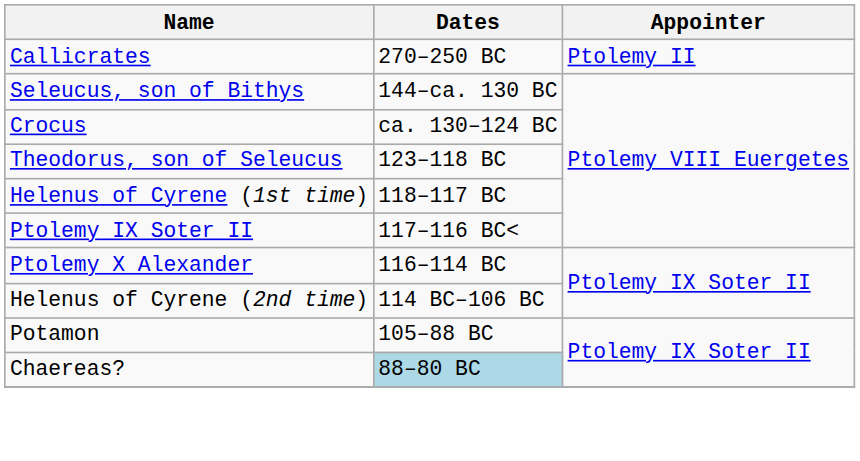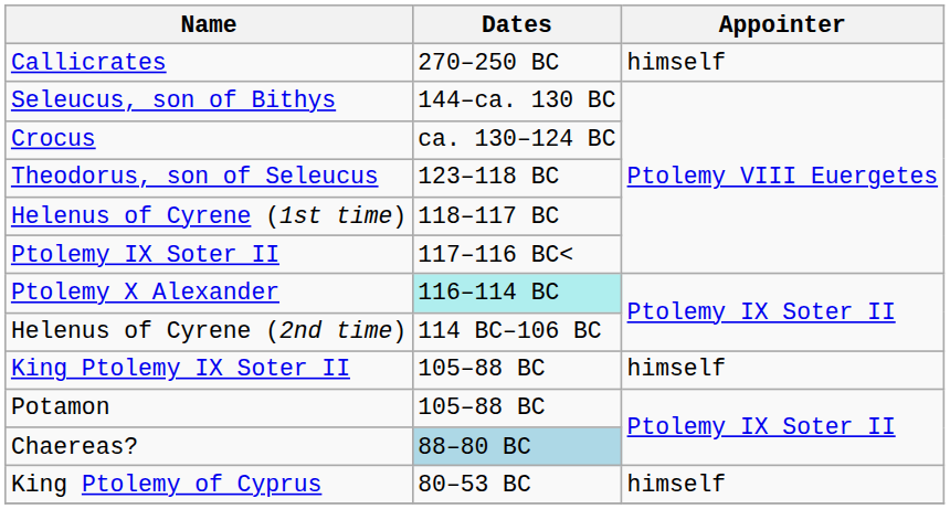 <table class="wikitable">
 <tr>
 <th>Name</th>
 <th>Dates</th>
 <th>Appointer</th>
 </tr>
 <tr>
 <td><a href='#'>Callicrates</a></td>
 <td>270–250 BC</td>
-<td><a href='#'>Ptolemy II</a></td>
+<td>himself</td>
 </tr>
 <tr>
 <td><a href='#'>Seleucus, son of Bithys</a></td>
 <td>144–ca. 130 BC</td>
 <td rowspan="5"><a href='#'>Ptolemy VIII Euergetes</a></td>
 </tr>
 <tr>
 <td><a href='#'>Crocus</a></td>
 <td>ca. 130–124 BC</td>
 </tr>
 <tr>
 <td><a href='#'>Theodorus, son of Seleucus</a></td>
 <td>123–118 BC</td>
 </tr>
 <tr>
 <td><a href='#'>Helenus of Cyrene</a> (<em>1st time</em>)</td>
 <td>118–117 BC</td>
 </tr>
 <tr>
 <td><a href='#'>Ptolemy IX Soter II</a></td>
 <td>117–116 BC<</td>
 </tr>
 <tr>
 <td><a href='#'>Ptolemy X Alexander</a></td>
-<td>116–114 BC</td>
+<td style="background: paleturquoise;">116–114 BC</td>
 <td rowspan="2"><a href='#'>Ptolemy IX Soter II</a></td>
 </tr>
 <tr>
 <td>Helenus of Cyrene (<em>2nd time</em>)</td>
 <td>114 BC–106 BC</td>
+</tr>
+<tr>
+<td><a href='#'>King Ptolemy IX Soter II</a></td>
+<td>105–88 BC </td>
+<td>himself</td>
 </tr>
 <tr>
 <td>Potamon</td>
 <td>105–88 BC</td>
 <td rowspan="2"><a href='#'>Ptolemy IX Soter II</a></td>
 </tr>
 <tr>
 <td>Chaereas?</td>
 <td style="background: lightblue;">88–80 BC</td>
 </tr>
 <tr>
+<td>King <a href='#'>Ptolemy of Cyprus</a></td>
+<td>80–53 BC </td>
+<td>himself</td>
+</tr>
+<tr>
 </tr>
 </table>
